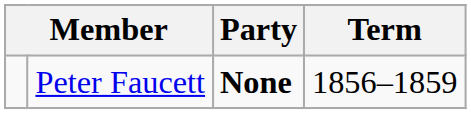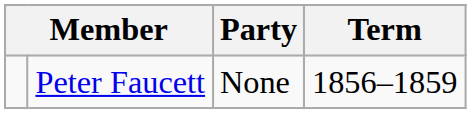 <table class="wikitable">
 <tr>
 <th colspan="2">Member</th>
 <th>Party</th>
 <th>Term</th>
 </tr>
 <tr>
 <td> </td>
 <td><a href='#'>Peter Faucett</a></td>
-<td><strong>None</strong></td>
+<td>None</td>
 <td>1856–1859</td>
 </tr>
 </table>
